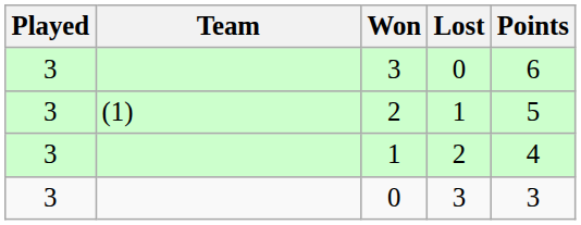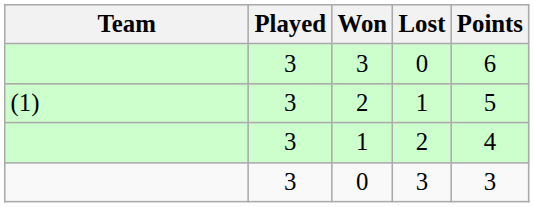 <table class="wikitable" style="text-align:center;">
 <tr>
+<th width=150>Team</th>
 <th width=20>Played</th>
-<th width=150>Team</th>
 <th width=20>Won</th>
 <th width=30>Lost</th>
 <th width=20>Points</th>
 </tr>
 <tr bgcolor="#ccffcc">
+<td align=left></td>
 <td>3</td>
-<td align=left></td>
 <td>3</td>
 <td>0</td>
 <td>6</td>
 </tr>
 <tr bgcolor="#ccffcc">
+<td align=left> (1)</td>
 <td>3</td>
-<td align=left> (1)</td>
 <td>2</td>
 <td>1</td>
 <td>5</td>
 </tr>
 <tr bgcolor="#ccffcc">
+<td align=left></td>
 <td>3</td>
-<td align=left></td>
 <td>1</td>
 <td>2</td>
 <td>4</td>
 </tr>
 <tr>
+<td align=left></td>
 <td>3</td>
-<td align=left></td>
 <td>0</td>
 <td>3</td>
 <td>3</td>
 </tr>
 </table>
